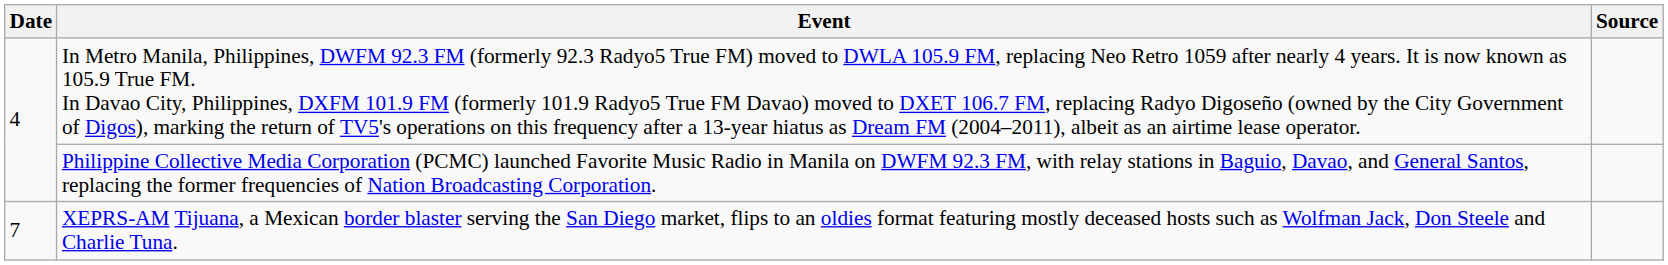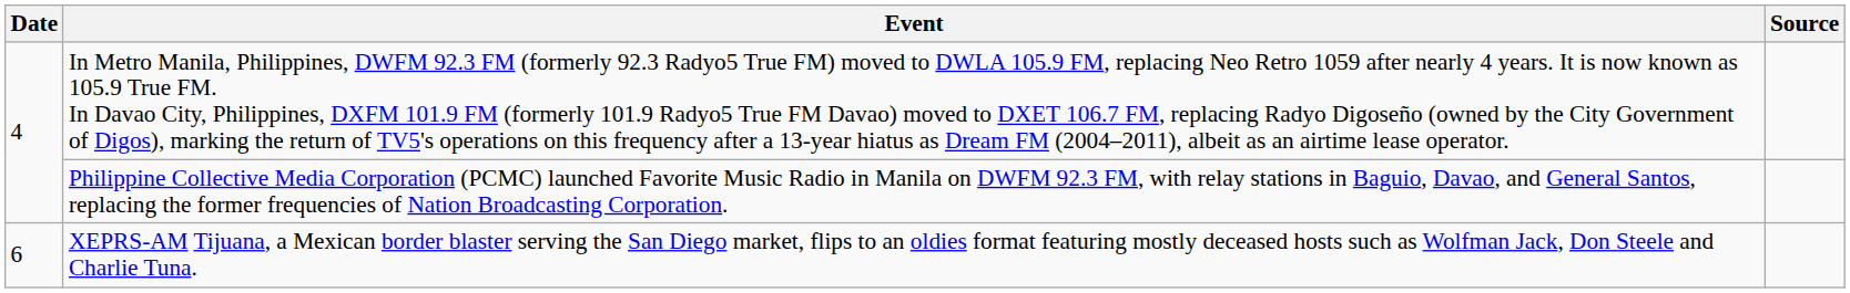 <table class=wikitable>
 <tr>
 <th>Date</th>
 <th>Event</th>
 <th>Source</th>
 </tr>
 <tr>
 <td rowspan="2">4</td>
 <td>In Metro Manila, Philippines, <a href='#'>DWFM 92.3 FM</a> (formerly 92.3 Radyo5 True FM) moved to <a href='#'>DWLA 105.9 FM</a>, replacing Neo Retro 1059 after nearly 4 years. It is now known as 105.9 True FM.<br>In Davao City, Philippines, <a href='#'>DXFM 101.9 FM</a> (formerly 101.9 Radyo5 True FM Davao) moved to <a href='#'>DXET 106.7 FM</a>, replacing Radyo Digoseño (owned by the City Government of <a href='#'>Digos</a>), marking the return of <a href='#'>TV5</a>'s operations on this frequency after a 13-year hiatus as <a href='#'>Dream FM</a> (2004–2011), albeit as an airtime lease operator.</td>
 <td></td>
 </tr>
 <tr>
 <td><a href='#'>Philippine Collective Media Corporation</a> (PCMC) launched Favorite Music Radio in Manila on <a href='#'>DWFM 92.3 FM</a>, with relay stations in <a href='#'>Baguio</a>, <a href='#'>Davao</a>, and <a href='#'>General Santos</a>, replacing the former frequencies of <a href='#'>Nation Broadcasting Corporation</a>.</td>
 <td></td>
 </tr>
 <tr>
-<td>7</td>
+<td>6</td>
 <td><a href='#'>XEPRS-AM</a> <a href='#'>Tijuana</a>, a Mexican <a href='#'>border blaster</a> serving the <a href='#'>San Diego</a> market, flips to an <a href='#'>oldies</a> format featuring mostly deceased hosts such as <a href='#'>Wolfman Jack</a>, <a href='#'>Don Steele</a> and <a href='#'>Charlie Tuna</a>.</td>
 <td></td>
 </tr>
 </table>
